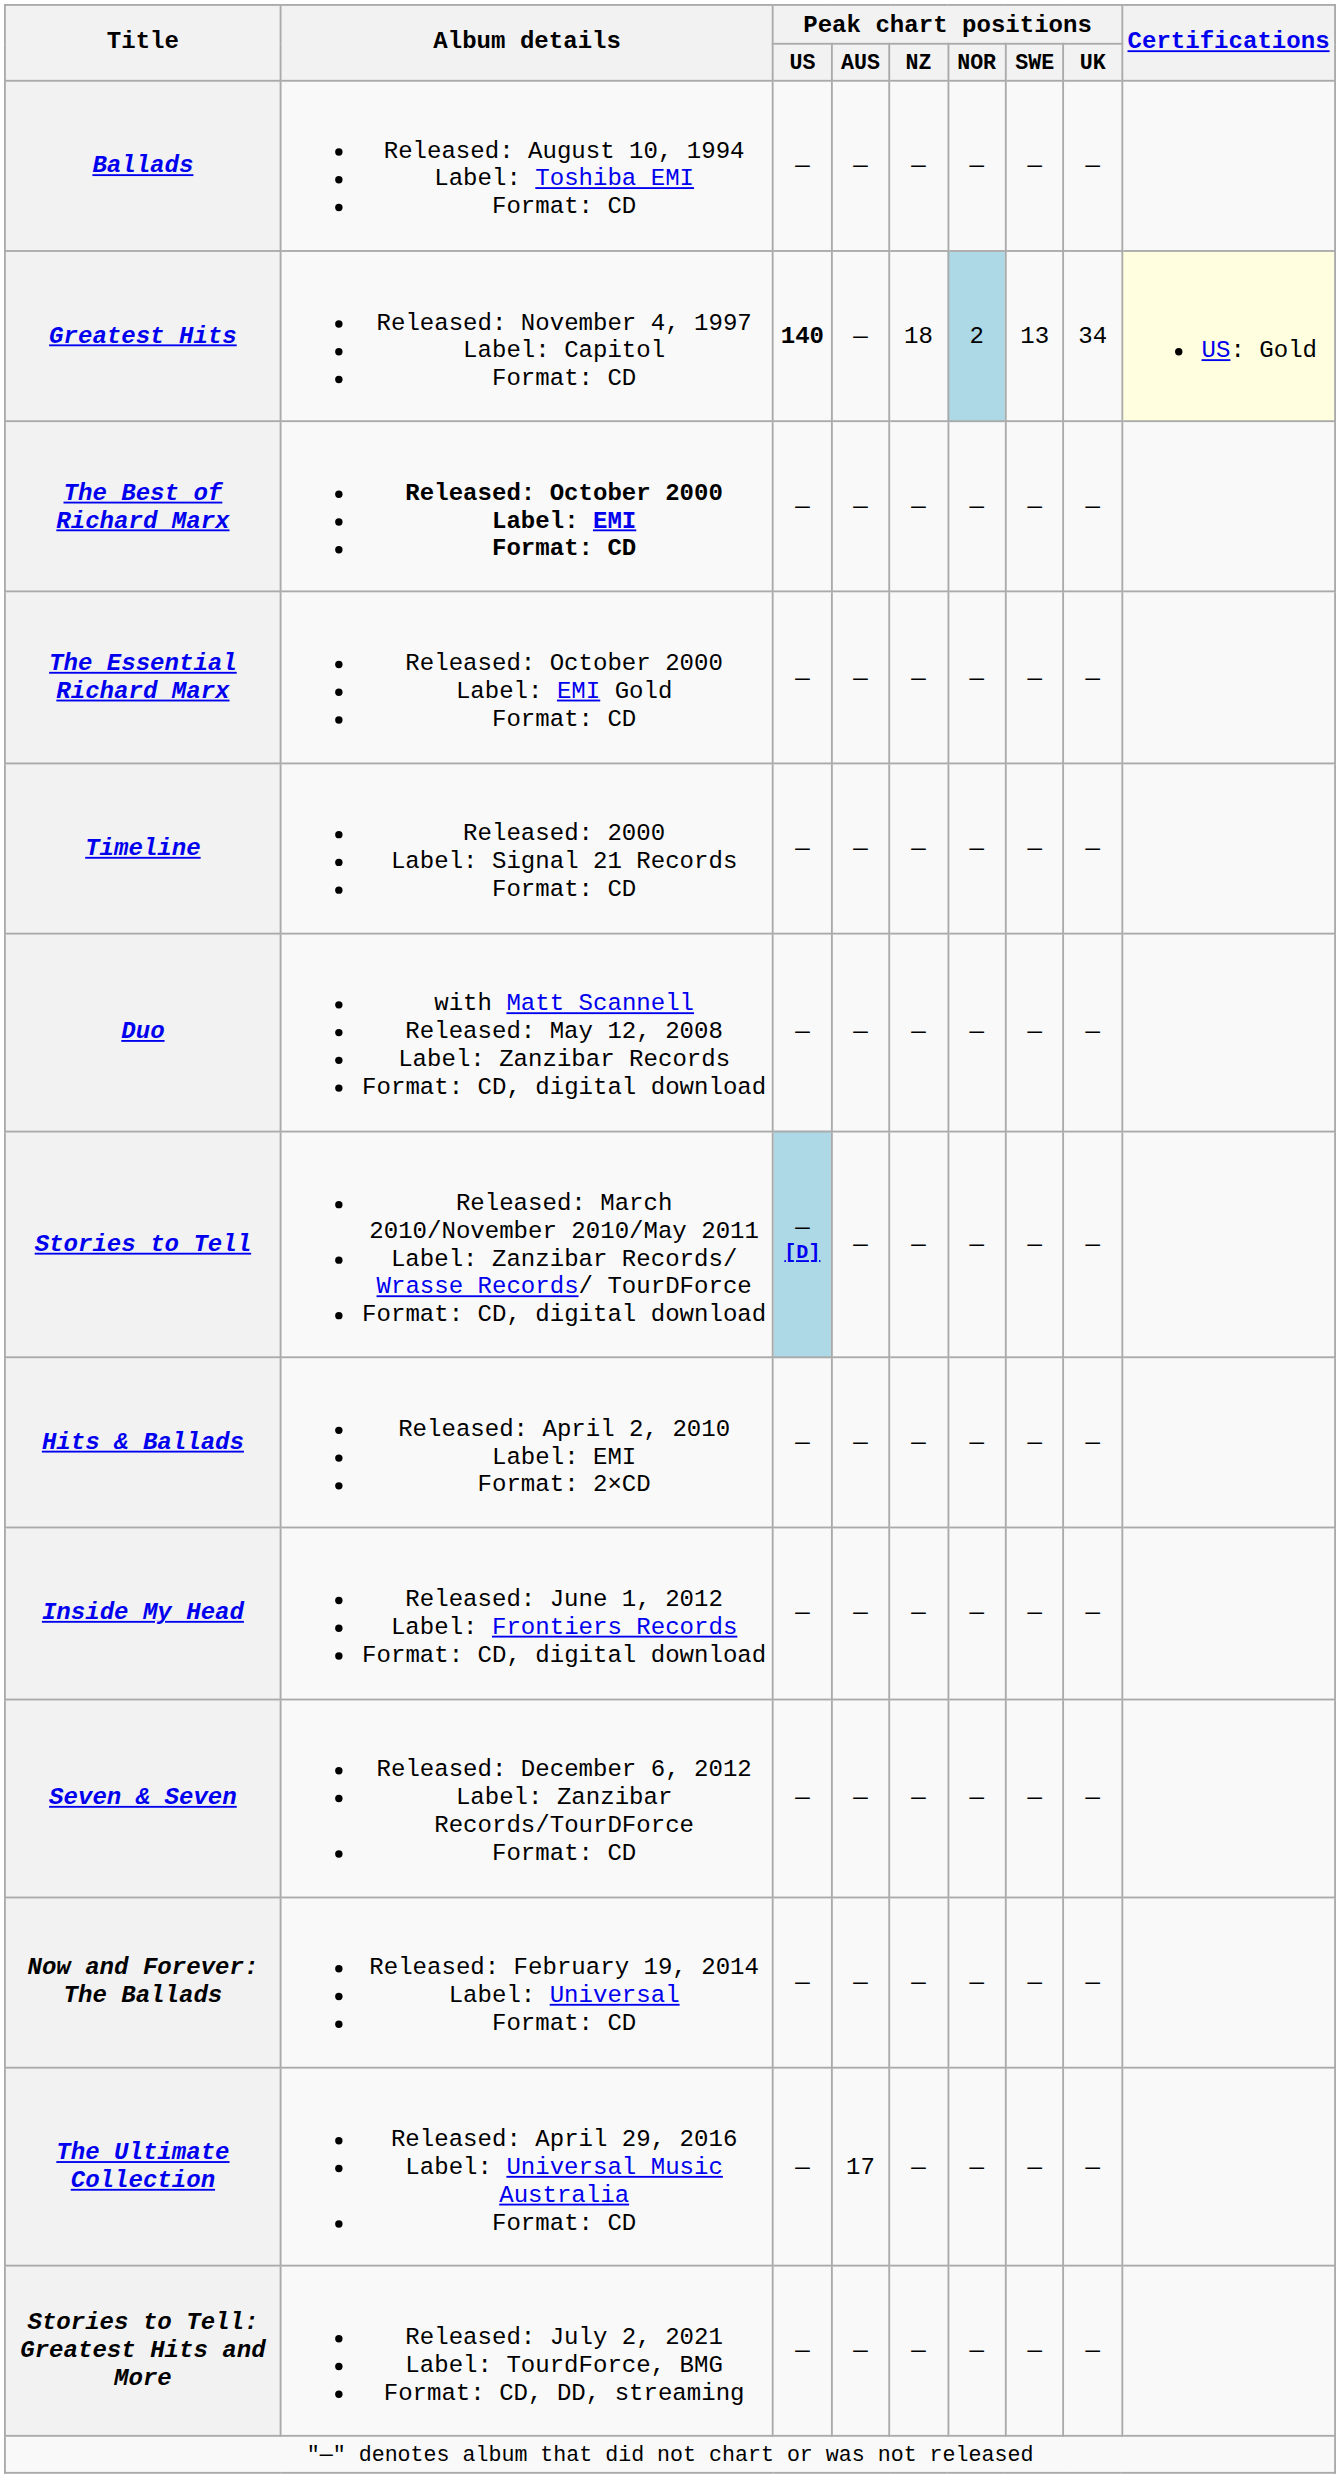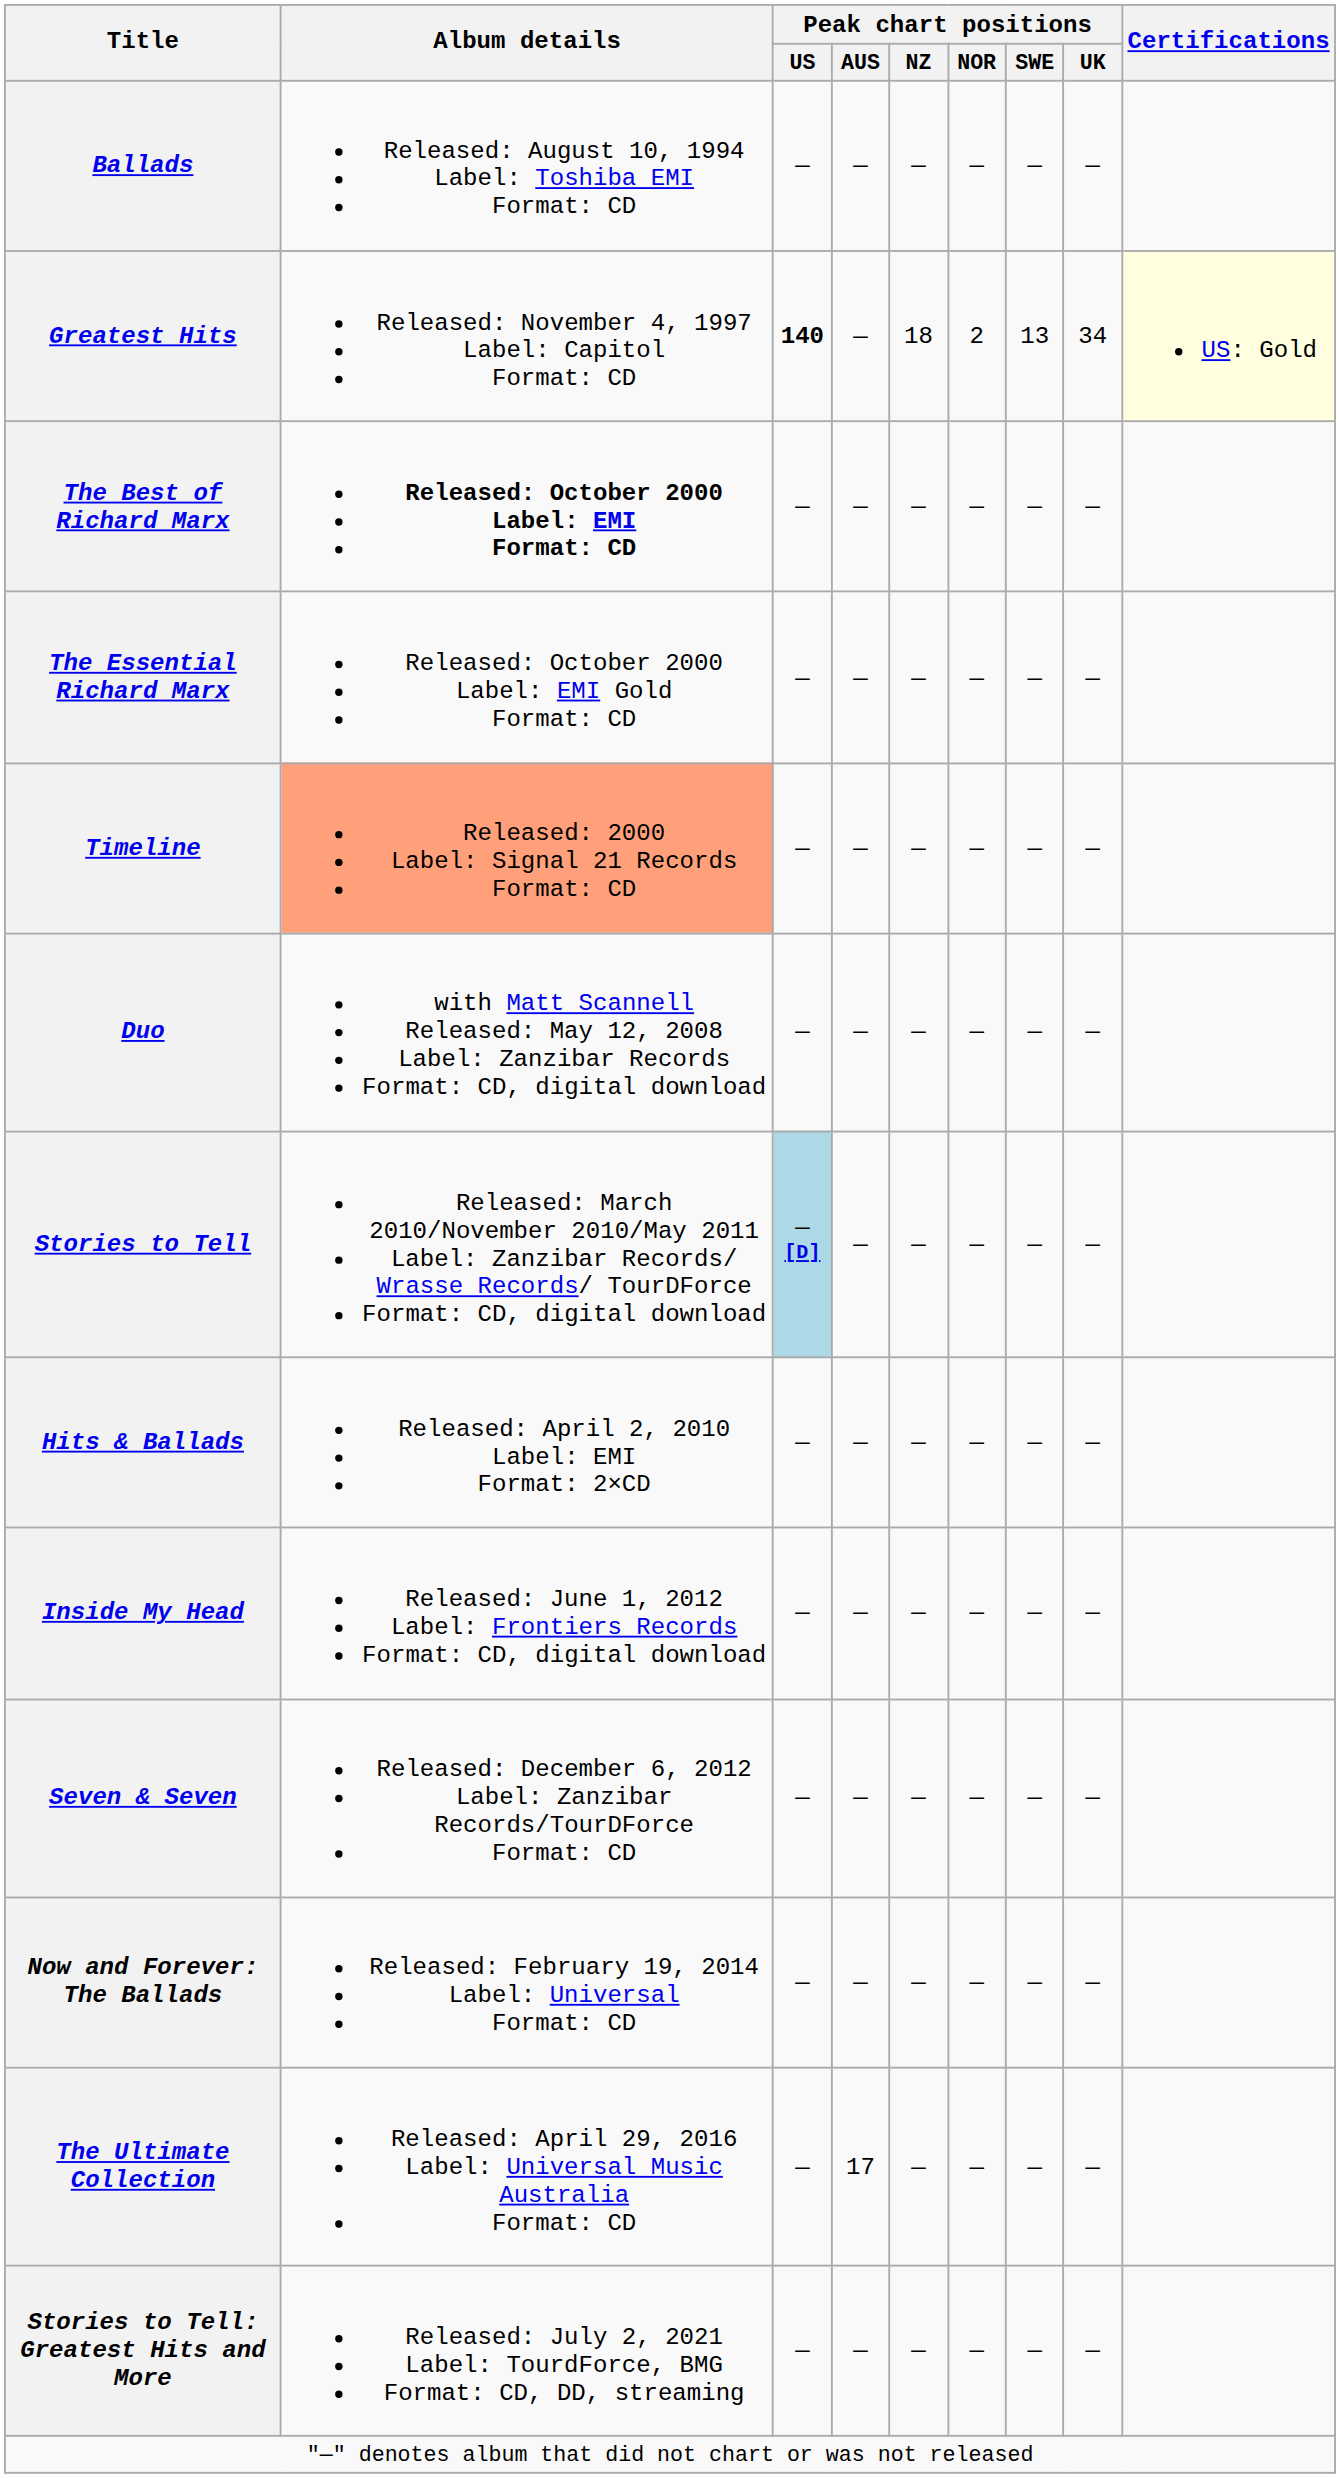 <table class="wikitable plainrowheaders" style="text-align:center;" border="1">
 <tr>
 <th scope="col" rowspan="2" style="width:11em;">Title</th>
 <th scope="col" rowspan="2" style="width:20em;">Album details</th>
 <th scope="col" colspan="6">Peak chart positions</th>
 <th scope="col" rowspan="2"><a href='#'>Certifications</a></th>
 </tr>
 <tr>
 <th scope="col" style="width:2.2em;font-size:90%;">US<br></th>
 <th scope="col" style="width:2.2em;font-size:90%;">AUS<br></th>
 <th scope="col" style="width:2.2em;font-size:90%;">NZ<br></th>
 <th scope="col" style="width:2.2em;font-size:90%;">NOR<br></th>
 <th scope="col" style="width:2.2em;font-size:90%;">SWE<br></th>
 <th scope="col" style="width:2.2em;font-size:90%;">UK<br></th>
 </tr>
 <tr>
 <th scope="row"><em><a href='#'>Ballads</a></em></th>
 <td><br><ul><li>Released: August 10, 1994</li><li>Label: <a href='#'>Toshiba EMI</a></li><li>Format: CD</li></ul></td>
 <td>—</td>
 <td>—</td>
 <td>—</td>
 <td>—</td>
 <td>—</td>
 <td>—</td>
 <td style="text-align:left;"></td>
 </tr>
 <tr>
 <th scope="row"><em><a href='#'>Greatest Hits</a></em></th>
 <td><br><ul><li>Released: November 4, 1997</li><li>Label: Capitol</li><li>Format: CD</li></ul></td>
 <td><strong>140</strong></td>
 <td>—</td>
 <td>18</td>
-<td style="background: lightblue;">2</td>
+<td>2</td>
 <td>13</td>
 <td>34</td>
 <td style="background: lightyellow; text-align:left;"><br><ul><li><a href='#'>US</a>: Gold</li></ul></td>
 </tr>
 <tr>
 <th scope="row"><em><a href='#'>The Best of Richard Marx</a></em></th>
 <td><strong><br><ul><li>Released: October 2000</li><li>Label: <a href='#'>EMI</a></li><li>Format: CD</li></ul></strong></td>
 <td>—</td>
 <td>—</td>
 <td>—</td>
 <td>—</td>
 <td>—</td>
 <td>—</td>
 <td style="text-align:left;"></td>
 </tr>
 <tr>
 <th scope="row"><em><a href='#'>The Essential Richard Marx</a></em></th>
 <td><br><ul><li>Released: October 2000</li><li>Label: <a href='#'>EMI</a> Gold</li><li>Format: CD</li></ul></td>
 <td>—</td>
 <td>—</td>
 <td>—</td>
 <td>—</td>
 <td>—</td>
 <td>—</td>
 <td style="text-align:left;"></td>
 </tr>
 <tr>
 <th scope="row"><em><a href='#'>Timeline</a></em></th>
-<td><br><ul><li>Released: 2000</li><li>Label: Signal 21 Records</li><li>Format: CD</li></ul></td>
+<td style="background: lightsalmon;"><br><ul><li>Released: 2000</li><li>Label: Signal 21 Records</li><li>Format: CD</li></ul></td>
 <td>—</td>
 <td>—</td>
 <td>—</td>
 <td>—</td>
 <td>—</td>
 <td>—</td>
 <td style="text-align:left;"></td>
 </tr>
 <tr>
 <th scope="row"><em><a href='#'>Duo</a></em></th>
 <td><br><ul><li>with <a href='#'>Matt Scannell</a></li><li>Released: May 12, 2008</li><li>Label: Zanzibar Records</li><li>Format: CD, digital download</li></ul></td>
 <td>—</td>
 <td>—</td>
 <td>—</td>
 <td>—</td>
 <td>—</td>
 <td>—</td>
 <td style="text-align:left;"></td>
 </tr>
 <tr>
 <th scope="row"><em><a href='#'>Stories to Tell</a></em></th>
 <td><br><ul><li>Released: March 2010/November 2010/May 2011</li><li>Label: Zanzibar Records/ <a href='#'>Wrasse Records</a>/ TourDForce</li><li>Format: CD, digital download</li></ul></td>
 <td style="background: lightblue;">—<br><sup><a href='#'><strong>[D]</strong></a></sup></td>
 <td>—</td>
 <td>—</td>
 <td>—</td>
 <td>—</td>
 <td>—</td>
 <td style="text-align:left;"></td>
 </tr>
 <tr>
 <th scope="row"><em><a href='#'>Hits & Ballads</a></em></th>
 <td><br><ul><li>Released: April 2, 2010</li><li>Label: EMI</li><li>Format: 2×CD</li></ul></td>
 <td>—</td>
 <td>—</td>
 <td>—</td>
 <td>—</td>
 <td>—</td>
 <td>—</td>
 <td style="text-align:left;"></td>
 </tr>
 <tr>
 <th scope="row"><em><a href='#'>Inside My Head</a></em></th>
 <td><br><ul><li>Released: June 1, 2012</li><li>Label: <a href='#'>Frontiers Records</a></li><li>Format: CD, digital download</li></ul></td>
 <td>—</td>
 <td>—</td>
 <td>—</td>
 <td>—</td>
 <td>—</td>
 <td>—</td>
 <td style="text-align:left;"></td>
 </tr>
 <tr>
 <th scope="row"><em><a href='#'>Seven & Seven</a></em></th>
 <td><br><ul><li>Released: December 6, 2012</li><li>Label: Zanzibar Records/TourDForce</li><li>Format: CD</li></ul></td>
 <td>—</td>
 <td>—</td>
 <td>—</td>
 <td>—</td>
 <td>—</td>
 <td>—</td>
 <td style="text-align:left;"></td>
 </tr>
 <tr>
 <th scope="row"><em>Now and Forever: The Ballads</em></th>
 <td><br><ul><li>Released: February 19, 2014</li><li>Label: <a href='#'>Universal</a></li><li>Format: CD</li></ul></td>
 <td>—</td>
 <td>—</td>
 <td>—</td>
 <td>—</td>
 <td>—</td>
 <td>—</td>
 <td style="text-align:left;"></td>
 </tr>
 <tr>
 <th scope="row"><em><a href='#'>The Ultimate Collection</a></em></th>
 <td><br><ul><li>Released: April 29, 2016</li><li>Label: <a href='#'>Universal Music Australia</a></li><li>Format: CD</li></ul></td>
 <td>—</td>
 <td>17</td>
 <td>—</td>
 <td>—</td>
 <td>—</td>
 <td>—</td>
 <td style="text-align:left;"></td>
 </tr>
 <tr>
 <th scope="row"><em>Stories to Tell: Greatest Hits and More</em></th>
 <td><br><ul><li>Released: July 2, 2021</li><li>Label: TourdForce, BMG</li><li>Format: CD, DD, streaming</li></ul></td>
 <td>—</td>
 <td>—</td>
 <td>—</td>
 <td>—</td>
 <td>—</td>
 <td>—</td>
 <td style="text-align:left;"></td>
 </tr>
 <tr>
 <td align="center" colspan="14" style="font-size:90%">"—" denotes album that did not chart or was not released</td>
 </tr>
 </table>
